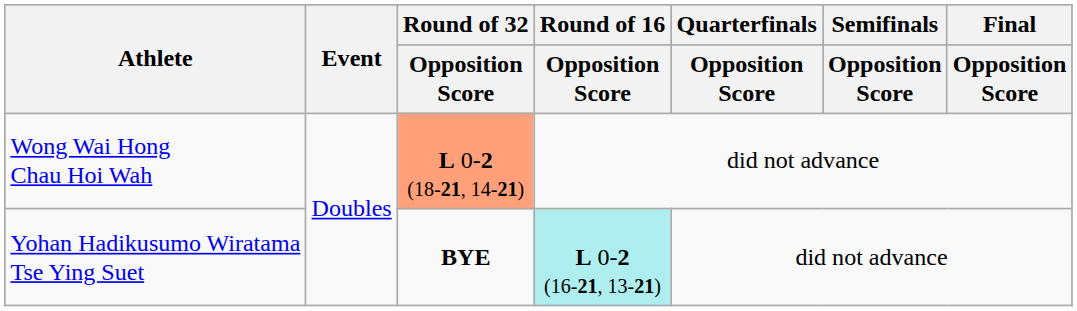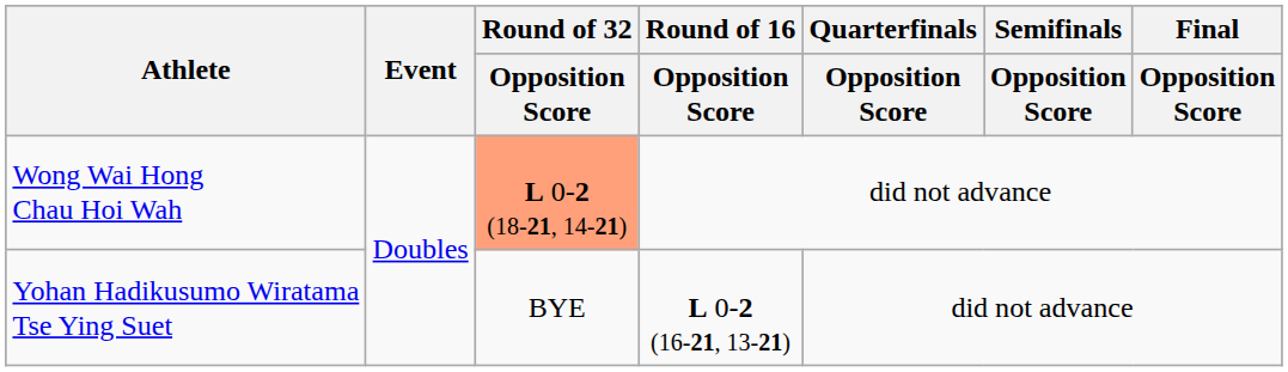 <table class=wikitable style="font-size:90%">
 <tr>
 <th rowspan=2>Athlete</th>
 <th rowspan=2>Event</th>
 <th>Round of 32</th>
 <th>Round of 16</th>
 <th>Quarterfinals</th>
 <th>Semifinals</th>
 <th>Final</th>
 </tr>
 <tr>
 <th>Opposition<br>Score</th>
 <th>Opposition<br>Score</th>
 <th>Opposition<br>Score</th>
 <th>Opposition<br>Score</th>
 <th>Opposition<br>Score</th>
 </tr>
 <tr>
 <td><a href='#'>Wong Wai Hong</a> <br> <a href='#'>Chau Hoi Wah</a></td>
 <td rowspan=2><a href='#'>Doubles</a></td>
 <td align=center style="background: lightsalmon;"><br><strong>L</strong> 0-<strong>2</strong><br><small>(18-<strong>21</strong>, 14-<strong>21</strong>)</small></td>
 <td align=center colspan="7">did not advance</td>
 </tr>
 <tr>
 <td><a href='#'>Yohan Hadikusumo Wiratama</a> <br> <a href='#'>Tse Ying Suet</a></td>
-<td align=center><strong>BYE</strong></td>
-<td align=center style="background: paleturquoise;"><br><strong>L</strong> 0-<strong>2</strong><br><small>(16-<strong>21</strong>, 13-<strong>21</strong>)</small></td>
+<td align=center>BYE</td>
+<td align=center><br><strong>L</strong> 0-<strong>2</strong><br><small>(16-<strong>21</strong>, 13-<strong>21</strong>)</small></td>
 <td align=center colspan="7">did not advance</td>
 </tr>
 </table>
